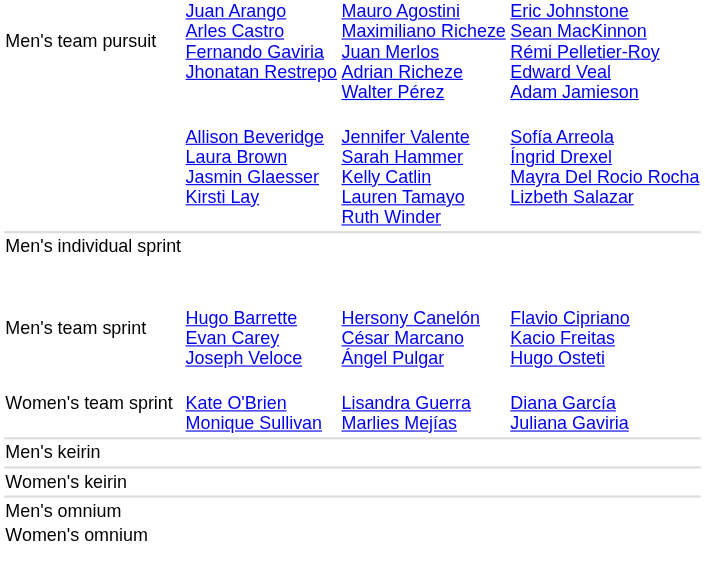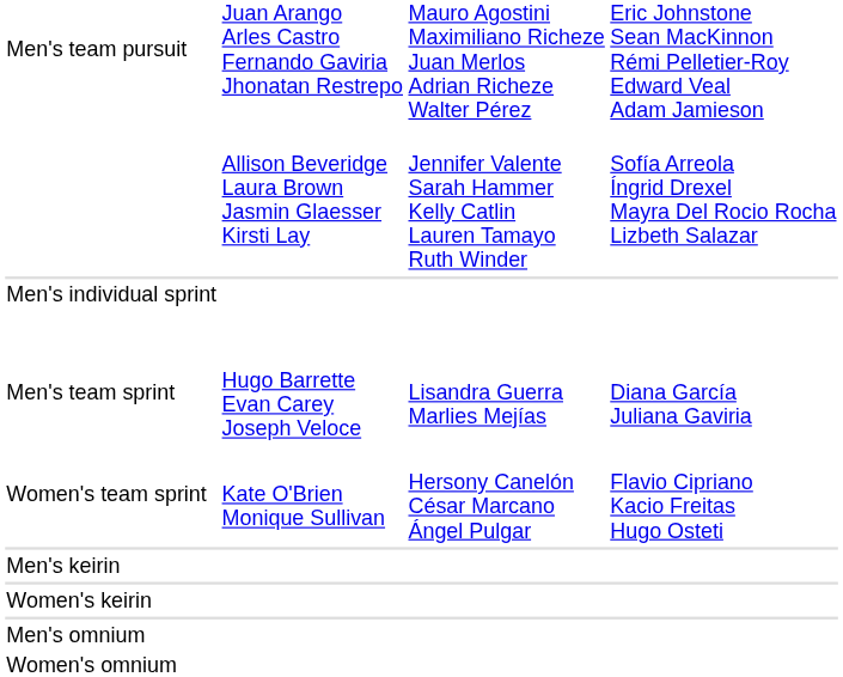 <table>
 <tr>
 <td>Men's team pursuit<br></td>
 <td><br><a href='#'>Juan Arango</a><br><a href='#'>Arles Castro</a><br><a href='#'>Fernando Gaviria</a><br><a href='#'>Jhonatan Restrepo</a> <br><br></td>
 <td><br><a href='#'>Mauro Agostini</a><br><a href='#'>Maximiliano Richeze</a><br><a href='#'>Juan Merlos</a><br><a href='#'>Adrian Richeze</a><br><a href='#'>Walter Pérez</a></td>
 <td><br><a href='#'>Eric Johnstone</a><br><a href='#'>Sean MacKinnon</a><br><a href='#'>Rémi Pelletier-Roy</a><br><a href='#'>Edward Veal</a><br><a href='#'>Adam Jamieson</a></td>
 </tr>
 <tr>
 <td><br></td>
 <td><br><a href='#'>Allison Beveridge</a><br><a href='#'>Laura Brown</a><br><a href='#'>Jasmin Glaesser</a><br><a href='#'>Kirsti Lay</a><br><br></td>
 <td><br><a href='#'>Jennifer Valente</a><br><a href='#'>Sarah Hammer</a><br><a href='#'>Kelly Catlin</a><br><a href='#'>Lauren Tamayo</a><br><a href='#'>Ruth Winder</a></td>
 <td><br><a href='#'>Sofía Arreola</a><br><a href='#'>Íngrid Drexel</a><br><a href='#'>Mayra Del Rocio Rocha</a><br><a href='#'>Lizbeth Salazar</a><br><br></td>
 </tr>
 <tr bgcolor=#DDDDDD>
 <td colspan=7></td>
 </tr>
 <tr>
 <td>Men's individual sprint<br></td>
 <td></td>
 <td></td>
 <td></td>
 </tr>
 <tr>
 <td><br></td>
 <td></td>
 <td></td>
 <td></td>
 </tr>
 <tr bgcolor=#DDDDDD>
 </tr>
 <tr>
 <td>Men's team sprint<br></td>
 <td><br><a href='#'>Hugo Barrette</a><br><a href='#'>Evan Carey</a><br><a href='#'>Joseph Veloce</a></td>
-<td><br><a href='#'>Hersony Canelón</a><br><a href='#'>César Marcano</a><br><a href='#'>Ángel Pulgar</a></td>
-<td><br><a href='#'>Flavio Cipriano</a><br><a href='#'>Kacio Freitas</a><br><a href='#'>Hugo Osteti</a></td>
+<td><br><a href='#'>Lisandra Guerra</a><br><a href='#'>Marlies Mejías</a></td>
+<td><br><a href='#'>Diana García</a><br><a href='#'>Juliana Gaviria</a></td>
 </tr>
 <tr>
 <td>Women's team sprint<br></td>
 <td><br><a href='#'>Kate O'Brien</a><br><a href='#'>Monique Sullivan</a></td>
-<td><br><a href='#'>Lisandra Guerra</a><br><a href='#'>Marlies Mejías</a></td>
-<td><br><a href='#'>Diana García</a><br><a href='#'>Juliana Gaviria</a></td>
+<td><br><a href='#'>Hersony Canelón</a><br><a href='#'>César Marcano</a><br><a href='#'>Ángel Pulgar</a></td>
+<td><br><a href='#'>Flavio Cipriano</a><br><a href='#'>Kacio Freitas</a><br><a href='#'>Hugo Osteti</a></td>
 </tr>
 <tr bgcolor=#DDDDDD>
 <td colspan=7></td>
 </tr>
 <tr>
 <td>Men's keirin<br></td>
 <td></td>
 <td></td>
 <td></td>
 </tr>
 <tr bgcolor=#DDDDDD>
 <td colspan=7></td>
 </tr>
 <tr>
 <td>Women's keirin<br></td>
 <td></td>
 <td></td>
 <td></td>
 </tr>
 <tr bgcolor=#DDDDDD>
 <td colspan=7></td>
 </tr>
 <tr>
 <td>Men's omnium<br></td>
 <td></td>
 <td></td>
 <td></td>
 </tr>
 <tr>
 <td>Women's omnium<br></td>
 <td></td>
 <td></td>
 <td></td>
 </tr>
 </table>
